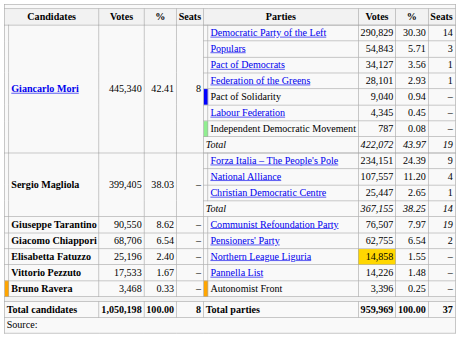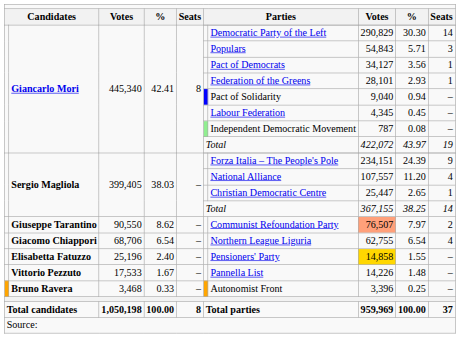 <table class="wikitable">
 <tr>
 <td colspan=10></td>
 </tr>
 <tr>
 <th colspan=2>Candidates</th>
 <th>Votes</th>
 <th>%</th>
 <th>Seats</th>
 <th colspan=2>Parties</th>
 <th>Votes</th>
 <th>%</th>
 <th>Seats</th>
 </tr>
 <tr>
 <td rowspan=9></td>
 <td rowspan=9><strong><a href='#'>Giancarlo Mori</a></strong></td>
 <td rowspan=9 align=right>445,340</td>
 <td rowspan=9 align=right>42.41</td>
 <td rowspan=9 align=right>8</td>
 </tr>
 <tr>
 <td></td>
 <td align="left"><a href='#'>Democratic Party of the Left</a></td>
 <td align=right>290,829</td>
 <td align=right>30.30</td>
 <td align=right>14</td>
 </tr>
 <tr>
 <td></td>
 <td align="left"><a href='#'>Populars</a></td>
 <td align=right>54,843</td>
 <td align=right>5.71</td>
 <td align=right>3</td>
 </tr>
 <tr>
 <td></td>
 <td align="left"><a href='#'>Pact of Democrats</a></td>
 <td align=right>34,127</td>
 <td align=right>3.56</td>
 <td align=right>1</td>
 </tr>
 <tr>
 <td></td>
 <td align="left"><a href='#'>Federation of the Greens</a></td>
 <td align=right>28,101</td>
 <td align=right>2.93</td>
 <td align=right>1</td>
 </tr>
 <tr>
 <td bgcolor="blue"></td>
 <td align="left">Pact of Solidarity</td>
 <td align=right>9,040</td>
 <td align=right>0.94</td>
 <td align=right>–</td>
 </tr>
 <tr>
 <td></td>
 <td align="left"><a href='#'>Labour Federation</a></td>
 <td align=right>4,345</td>
 <td align=right>0.45</td>
 <td align=right>–</td>
 </tr>
 <tr>
 <td bgcolor="lightgreen"></td>
 <td align="left">Independent Democratic Movement</td>
 <td align=right>787</td>
 <td align=right>0.08</td>
 <td align=right>–</td>
 </tr>
 <tr>
 <td colspan=2><em>Total</em></td>
 <td align=right><em>422,072</em></td>
 <td align=right><em>43.97</em></td>
 <td align=right><em>19</em></td>
 </tr>
 <tr>
 <td rowspan=5></td>
 <td rowspan=5><strong>Sergio Magliola</strong></td>
 <td rowspan=5 align=right>399,405</td>
 <td rowspan=5 align=right>38.03</td>
 <td rowspan=5 align=right>–</td>
 </tr>
 <tr>
 <td></td>
 <td align="left"><a href='#'>Forza Italia – The People's Pole</a></td>
 <td align=right>234,151</td>
 <td align=right>24.39</td>
 <td align=right>9</td>
 </tr>
 <tr>
 <td></td>
 <td align="left"><a href='#'>National Alliance</a></td>
 <td align=right>107,557</td>
 <td align=right>11.20</td>
 <td align=right>4</td>
 </tr>
 <tr>
 <td></td>
 <td align="left"><a href='#'>Christian Democratic Centre</a></td>
 <td align=right>25,447</td>
 <td align=right>2.65</td>
 <td align=right>1</td>
 </tr>
 <tr>
 <td colspan=2><em>Total</em></td>
 <td align=right><em>367,155</em></td>
 <td align=right><em>38.25</em></td>
 <td align=right><em>14</em></td>
 </tr>
 <tr>
 <td></td>
 <td><strong>Giuseppe Tarantino</strong></td>
 <td align=right>90,550</td>
 <td align=right>8.62</td>
 <td align=right>–</td>
 <td></td>
 <td align="left"><a href='#'>Communist Refoundation Party</a></td>
-<td align=right>76,507</td>
+<td align=right style="background: lightsalmon;">76,507</td>
 <td align=right>7.97</td>
-<td align=right><em>19</em></td>
+<td align=right>2</td>
 </tr>
 <tr>
 <td></td>
 <td><strong>Giacomo Chiappori</strong></td>
 <td align=right>68,706</td>
 <td align=right>6.54</td>
 <td align=right>–</td>
 <td></td>
-<td align="left"><a href='#'>Pensioners' Party</a></td>
+<td align="left"><a href='#'>Northern League Liguria</a></td>
 <td align=right>62,755</td>
 <td align=right>6.54</td>
-<td align=right>2</td>
+<td align=right>4</td>
 </tr>
 <tr>
 <td></td>
 <td><strong>Elisabetta Fatuzzo</strong></td>
 <td align=right>25,196</td>
 <td align=right>2.40</td>
 <td align=right>–</td>
 <td></td>
-<td align="left"><a href='#'>Northern League Liguria</a></td>
+<td align="left"><a href='#'>Pensioners' Party</a></td>
 <td align=right style="background: gold;">14,858</td>
 <td align=right>1.55</td>
 <td align=right>–</td>
 </tr>
 <tr>
 <td></td>
 <td><strong>Vittorio Pezzuto</strong></td>
 <td align=right>17,533</td>
 <td align=right>1.67</td>
 <td align=right>–</td>
 <td></td>
 <td align="left"><a href='#'>Pannella List</a></td>
 <td align=right>14,226</td>
 <td align=right>1.48</td>
 <td align=right>–</td>
 </tr>
 <tr>
 <td bgcolor="orange"></td>
 <td><strong>Bruno Ravera</strong></td>
 <td align=right>3,468</td>
 <td align=right>0.33</td>
 <td align=right>–</td>
 <td bgcolor="orange"></td>
 <td align="left">Autonomist Front</td>
 <td align=right>3,396</td>
 <td align=right>0.25</td>
 <td align=right>–</td>
 </tr>
 <tr>
 <th colspan=10></th>
 </tr>
 <tr>
 <td colspan=2><strong>Total candidates</strong></td>
 <td align=right><strong>1,050,198</strong></td>
 <td align=right><strong>100.00</strong></td>
 <td align=right><strong>8</strong></td>
 <td colspan=2><strong>Total parties</strong></td>
 <td align=right><strong>959,969</strong></td>
 <td align=right><strong>100.00</strong></td>
 <td align=right><strong>37</strong></td>
 </tr>
 <tr>
 <td colspan=10>Source: </td>
 </tr>
 </table>
